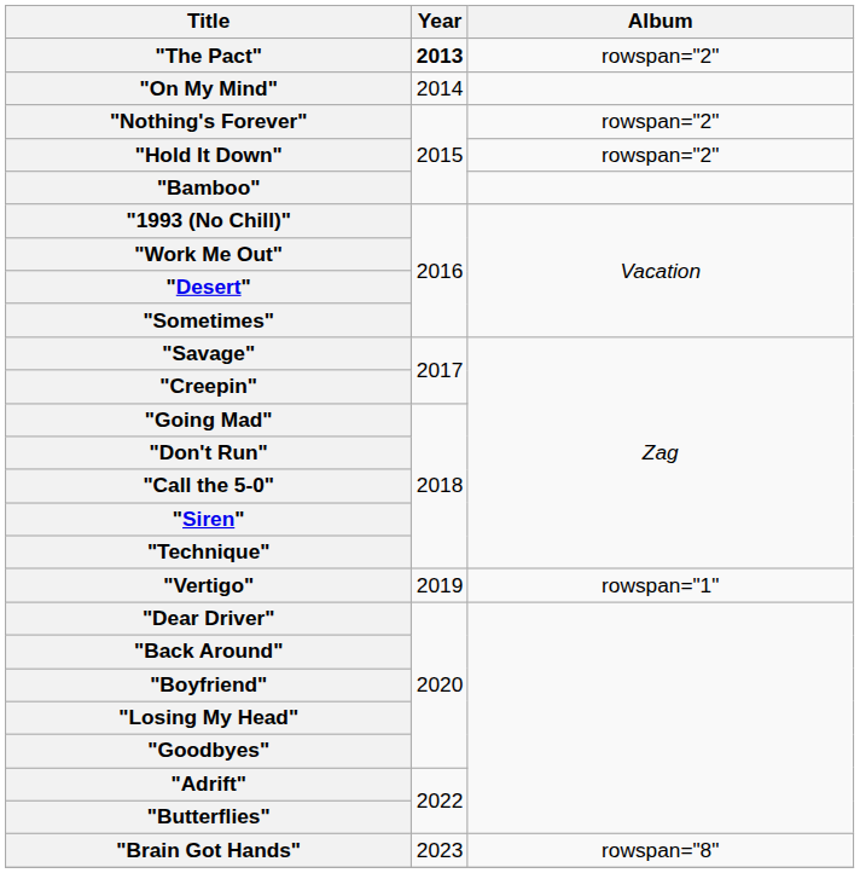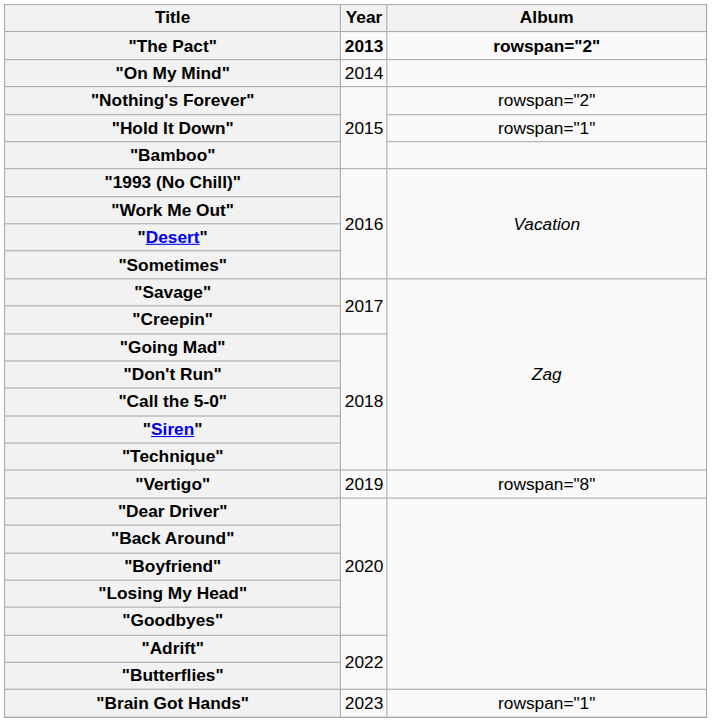 <table class="wikitable plainrowheaders" style="text-align:center;" border="1">
 <tr>
 <th scope="col" style="width:19em;">Title</th>
 <th scope="col" style="width:1em;">Year</th>
 <th scope="col" style="width:18em;">Album</th>
 </tr>
 <tr>
 <th scope="row">"The Pact"</th>
 <td><strong>2013</strong></td>
-<td>rowspan="2" </td>
+<td><strong>rowspan="2" </strong></td>
 </tr>
 <tr>
 <th scope="row">"On My Mind"<br></th>
 <td>2014</td>
 </tr>
 <tr>
 <th scope="row">"Nothing's Forever"<br></th>
 <td rowspan="3">2015</td>
 <td>rowspan="2" </td>
 </tr>
 <tr>
 <th scope="row">"Hold It Down"</th>
-<td>rowspan="2" </td>
+<td>rowspan="1" </td>
 </tr>
 <tr>
 <th scope="row">"Bamboo"</th>
 </tr>
 <tr>
 <th scope="row">"1993 (No Chill)"<br></th>
 <td rowspan="4">2016</td>
 <td rowspan="4"><em>Vacation</em></td>
 </tr>
 <tr>
 <th scope="row">"Work Me Out"<br></th>
 </tr>
 <tr>
 <th scope="row">"<a href='#'>Desert</a>"<br></th>
 </tr>
 <tr>
 <th scope="row">"Sometimes"<br> </th>
 </tr>
 <tr>
 <th scope="row">"Savage"<br> </th>
 <td rowspan="2">2017</td>
 <td rowspan="7"><em>Zag</em></td>
 </tr>
 <tr>
 <th scope="row">"Creepin" </th>
 </tr>
 <tr>
 <th scope="row">"Going Mad"<br> </th>
 <td rowspan="5">2018</td>
 </tr>
 <tr>
 <th scope="row">"Don't Run"<br> </th>
 </tr>
 <tr>
 <th scope="row">"Call the 5-0"<br></th>
 </tr>
 <tr>
 <th scope="row">"<a href='#'>Siren</a>"<br></th>
 </tr>
 <tr>
 <th scope="row">"Technique"</th>
 </tr>
 <tr>
 <th scope="row">"Vertigo" </th>
 <td>2019</td>
-<td>rowspan="1" </td>
+<td>rowspan="8" </td>
 </tr>
 <tr>
 <th scope="row">"Dear Driver" <br></th>
 <td rowspan="5">2020</td>
 </tr>
 <tr>
 <th scope="row">"Back Around" <br></th>
 </tr>
 <tr>
 <th scope="row">"Boyfriend" <br></th>
 </tr>
 <tr>
 <th scope="row">"Losing My Head" <br></th>
 </tr>
 <tr>
 <th scope="row">"Goodbyes" <br></th>
 </tr>
 <tr>
 <th scope="row">"Adrift"</th>
 <td rowspan="2">2022</td>
 </tr>
 <tr>
 <th scope="row">"Butterflies"</th>
 </tr>
 <tr>
 <th scope="row">"Brain Got Hands"</th>
 <td>2023</td>
-<td>rowspan="8" </td>
+<td>rowspan="1" </td>
 </tr>
 <tr>
 </tr>
 </table>
